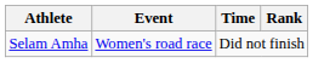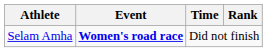 <table class=wikitable style=font-size:90%;>
 <tr>
 <th>Athlete</th>
 <th>Event</th>
 <th>Time</th>
 <th>Rank</th>
 </tr>
 <tr align=center>
 <td align=left><a href='#'>Selam Amha</a></td>
-<td align=left><a href='#'>Women's road race</a></td>
+<td align=left><strong><a href='#'>Women's road race</a></strong></td>
 <td colspan=2>Did not finish</td>
 </tr>
 </table>
